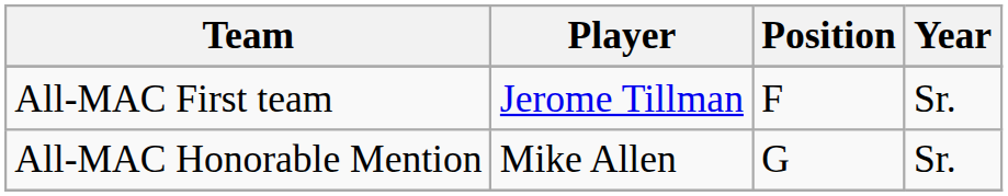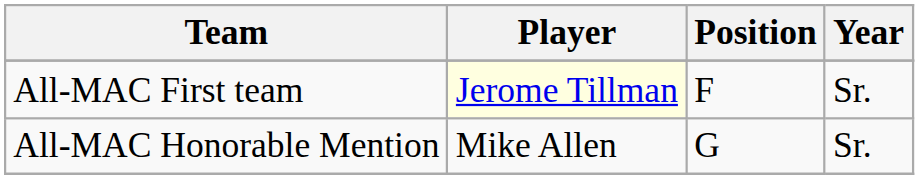 <table class="wikitable" border="1">
 <tr align=center>
 <th style= >Team</th>
 <th style= >Player</th>
 <th style= >Position</th>
 <th style= >Year</th>
 </tr>
 <tr align="center">
 </tr>
 <tr>
 <td>All-MAC First team</td>
-<td><a href='#'>Jerome Tillman</a></td>
+<td style="background: lightyellow;"><a href='#'>Jerome Tillman</a></td>
 <td>F</td>
 <td>Sr.</td>
 </tr>
 <tr>
 <td>All-MAC Honorable Mention</td>
 <td>Mike Allen</td>
 <td>G</td>
 <td>Sr.</td>
 </tr>
 <tr>
 </tr>
 </table>
